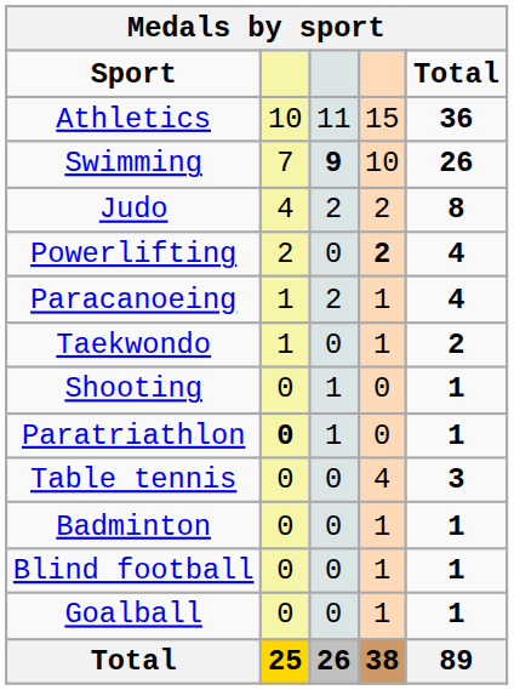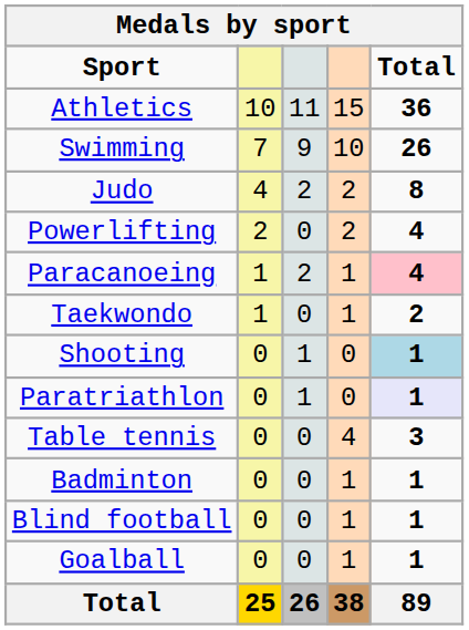 <table class="wikitable" style="font-size:85%">
 <tr style="background:#efefef;">
 <th colspan=7><strong>Medals by sport</strong></th>
 </tr>
 <tr align=center>
 <td><strong>Sport</strong></td>
 <td bgcolor=#f7f6a8></td>
 <td bgcolor=#dce5e5></td>
 <td bgcolor=#ffdab9></td>
 <td><strong>Total</strong></td>
 </tr>
 <tr align=center>
 <td><a href='#'>Athletics</a></td>
 <td style="background:#F7F6A8;">10</td>
 <td style="background:#DCE5E5;">11</td>
 <td style="background:#FFDAB9;">15</td>
 <td><strong>36</strong></td>
 </tr>
 <tr align=center>
 <td><a href='#'>Swimming</a></td>
 <td style="background:#F7F6A8;">7</td>
-<td style="background:#DCE5E5;"><strong>9</strong></td>
+<td style="background:#DCE5E5;">9</td>
 <td style="background:#FFDAB9;">10</td>
 <td><strong>26</strong></td>
 </tr>
 <tr align=center>
 <td><a href='#'>Judo</a></td>
 <td style="background:#F7F6A8;">4</td>
 <td style="background:#DCE5E5;">2</td>
 <td style="background:#FFDAB9;">2</td>
 <td><strong>8</strong></td>
 </tr>
 <tr align=center>
 <td><a href='#'>Powerlifting</a></td>
 <td style="background:#F7F6A8;">2</td>
 <td style="background:#DCE5E5;">0</td>
-<td style="background:#FFDAB9;"><strong>2</strong></td>
+<td style="background:#FFDAB9;">2</td>
 <td><strong>4</strong></td>
 </tr>
 <tr align=center>
 <td><a href='#'>Paracanoeing</a></td>
 <td style="background:#F7F6A8;">1</td>
 <td style="background:#DCE5E5;">2</td>
 <td style="background:#FFDAB9;">1</td>
-<td><strong>4</strong></td>
+<td style="background: pink;"><strong>4</strong></td>
 </tr>
 <tr align=center>
 <td><a href='#'>Taekwondo</a></td>
 <td style="background:#F7F6A8;">1</td>
 <td style="background:#DCE5E5;">0</td>
 <td style="background:#FFDAB9;">1</td>
 <td><strong>2</strong></td>
 </tr>
 <tr align=center>
 <td><a href='#'>Shooting</a></td>
 <td style="background:#F7F6A8;">0</td>
 <td style="background:#DCE5E5;">1</td>
 <td style="background:#FFDAB9;">0</td>
-<td><strong>1</strong></td>
+<td style="background: lightblue;"><strong>1</strong></td>
 </tr>
 <tr align=center>
 <td><a href='#'>Paratriathlon</a></td>
-<td style="background:#F7F6A8;"><strong>0</strong></td>
+<td style="background:#F7F6A8;">0</td>
 <td style="background:#DCE5E5;">1</td>
 <td style="background:#FFDAB9;">0</td>
-<td><strong>1</strong></td>
+<td style="background: lavender;"><strong>1</strong></td>
 </tr>
 <tr align=center>
 <td><a href='#'>Table tennis</a></td>
 <td style="background:#F7F6A8;">0</td>
 <td style="background:#DCE5E5;">0</td>
 <td style="background:#FFDAB9;">4</td>
 <td><strong>3</strong></td>
 </tr>
 <tr align=center>
 <td><a href='#'>Badminton</a></td>
 <td style="background:#F7F6A8;">0</td>
 <td style="background:#DCE5E5;">0</td>
 <td style="background:#FFDAB9;">1</td>
 <td><strong>1</strong></td>
 </tr>
 <tr align=center>
 <td><a href='#'>Blind football</a></td>
 <td style="background:#F7F6A8;">0</td>
 <td style="background:#DCE5E5;">0</td>
 <td style="background:#FFDAB9;">1</td>
 <td><strong>1</strong></td>
 </tr>
 <tr align=center>
 <td><a href='#'>Goalball</a></td>
 <td style="background:#F7F6A8;">0</td>
 <td style="background:#DCE5E5;">0</td>
 <td style="background:#FFDAB9;">1</td>
 <td><strong>1</strong></td>
 </tr>
 <tr align=center>
 <th><strong>Total</strong></th>
 <th style="background:gold;"><strong>25</strong></th>
 <th style="background:silver;"><strong>26</strong></th>
 <th style="background:#c96;"><strong>38</strong></th>
 <th><strong>89</strong></th>
 </tr>
 </table>
